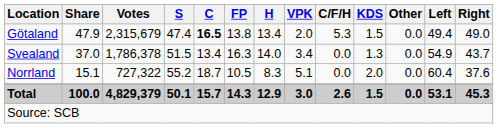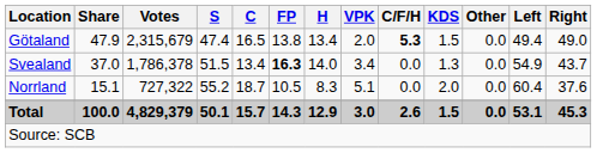 <table class="wikitable sortable" style=text-align:right>
 <tr>
 <th>Location</th>
 <th>Share</th>
 <th>Votes</th>
 <th><a href='#'>S</a></th>
 <th><a href='#'>C</a></th>
 <th><a href='#'>FP</a></th>
 <th><a href='#'>H</a></th>
 <th><a href='#'>VPK</a></th>
 <th>C/F/H</th>
 <th><a href='#'>KDS</a></th>
 <th>Other</th>
 <th>Left</th>
 <th>Right</th>
 </tr>
 <tr>
 <td align=left><a href='#'>Götaland</a></td>
 <td>47.9</td>
 <td>2,315,679</td>
 <td>47.4</td>
-<td><strong>16.5</strong></td>
+<td>16.5</td>
 <td>13.8</td>
 <td>13.4</td>
 <td>2.0</td>
-<td>5.3</td>
+<td><strong>5.3</strong></td>
 <td>1.5</td>
 <td>0.0</td>
 <td>49.4</td>
 <td>49.0</td>
 </tr>
 <tr>
 <td align=left><a href='#'>Svealand</a></td>
 <td>37.0</td>
 <td>1,786,378</td>
 <td>51.5</td>
 <td>13.4</td>
-<td>16.3</td>
+<td><strong>16.3</strong></td>
 <td>14.0</td>
 <td>3.4</td>
 <td>0.0</td>
 <td>1.3</td>
 <td>0.0</td>
 <td>54.9</td>
 <td>43.7</td>
 </tr>
 <tr>
 <td align=left><a href='#'>Norrland</a></td>
 <td>15.1</td>
 <td>727,322</td>
 <td>55.2</td>
 <td>18.7</td>
 <td>10.5</td>
 <td>8.3</td>
 <td>5.1</td>
 <td>0.0</td>
 <td>2.0</td>
 <td>0.0</td>
 <td>60.4</td>
 <td>37.6</td>
 </tr>
 <tr>
 </tr>
 <tr style="background:#CDCDCD;">
 <td align=left><strong>Total</strong></td>
 <td><strong>100.0</strong></td>
 <td><strong>4,829,379</strong></td>
 <td><strong>50.1</strong></td>
 <td><strong>15.7</strong></td>
 <td><strong>14.3</strong></td>
 <td><strong>12.9</strong></td>
 <td><strong>3.0</strong></td>
 <td><strong>2.6</strong></td>
 <td><strong>1.5</strong></td>
 <td><strong>0.0</strong></td>
 <td><strong>53.1</strong></td>
 <td><strong>45.3</strong></td>
 </tr>
 <tr>
 <td align=left colspan=13>Source: SCB </td>
 </tr>
 </table>
